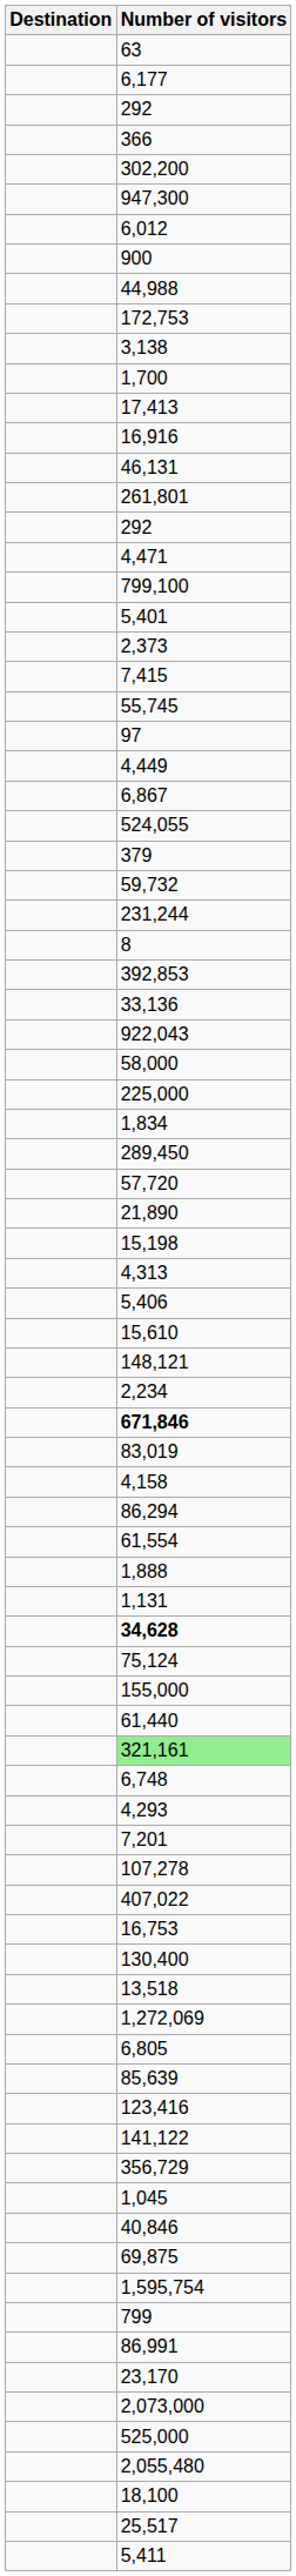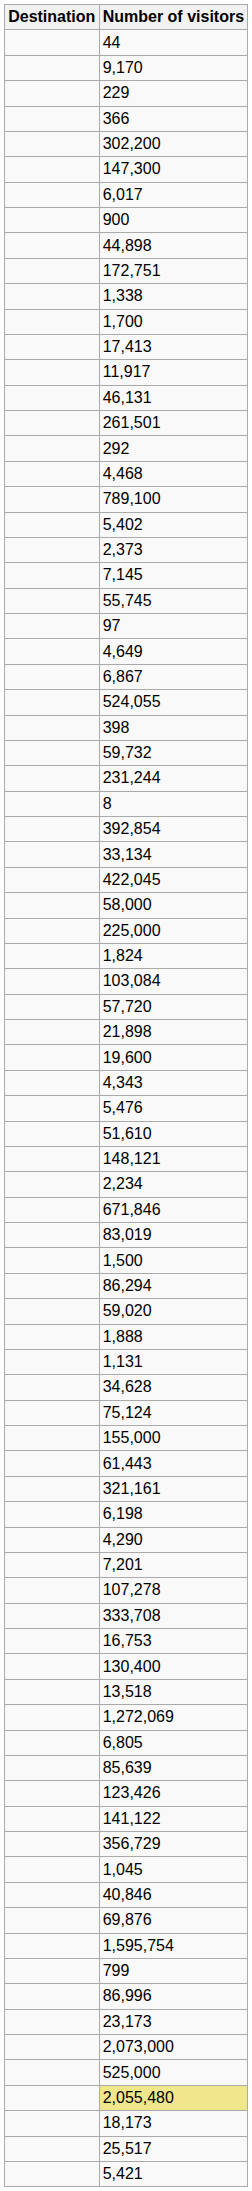 <table class="wikitable sortable collapsible">
 <tr>
 <th>Destination</th>
 <th>Number of visitors</th>
 </tr>
 <tr>
 <td></td>
-<td>63</td>
+<td>44</td>
 </tr>
 <tr>
 <td></td>
-<td>6,177</td>
+<td>9,170</td>
 </tr>
 <tr>
 <td></td>
-<td>292</td>
+<td>229</td>
 </tr>
 <tr>
 <td></td>
 <td>366</td>
 </tr>
 <tr>
 <td></td>
 <td>302,200</td>
 </tr>
 <tr>
 <td></td>
-<td>947,300</td>
+<td>147,300</td>
 </tr>
 <tr>
 <td></td>
-<td>6,012</td>
+<td>6,017</td>
 </tr>
 <tr>
 <td></td>
 <td>900</td>
 </tr>
 <tr>
 <td></td>
-<td>44,988</td>
+<td>44,898</td>
 </tr>
 <tr>
 <td></td>
-<td>172,753</td>
+<td>172,751</td>
 </tr>
 <tr>
 <td></td>
-<td>3,138</td>
+<td>1,338</td>
 </tr>
 <tr>
 <td></td>
 <td>1,700</td>
 </tr>
 <tr>
 <td></td>
 <td>17,413</td>
 </tr>
 <tr>
 <td></td>
-<td>16,916</td>
+<td>11,917</td>
 </tr>
 <tr>
 <td></td>
 <td>46,131</td>
 </tr>
 <tr>
 <td></td>
-<td>261,801</td>
+<td>261,501</td>
 </tr>
 <tr>
 <td></td>
 <td>292</td>
 </tr>
 <tr>
 <td></td>
-<td>4,471</td>
+<td>4,468</td>
 </tr>
 <tr>
 <td></td>
-<td>799,100</td>
+<td>789,100</td>
 </tr>
 <tr>
 <td></td>
-<td>5,401</td>
+<td>5,402</td>
 </tr>
 <tr>
 <td></td>
 <td>2,373</td>
 </tr>
 <tr>
 <td></td>
-<td>7,415</td>
+<td>7,145</td>
 </tr>
 <tr>
 <td></td>
 <td>55,745</td>
 </tr>
 <tr>
 <td></td>
 <td>97</td>
 </tr>
 <tr>
 <td></td>
-<td>4,449</td>
+<td>4,649</td>
 </tr>
 <tr>
 <td></td>
 <td>6,867</td>
 </tr>
 <tr>
 <td></td>
 <td>524,055</td>
 </tr>
 <tr>
 <td></td>
-<td>379</td>
+<td>398</td>
 </tr>
 <tr>
 <td></td>
 <td>59,732</td>
 </tr>
 <tr>
 <td></td>
 <td>231,244</td>
 </tr>
 <tr>
 <td></td>
 <td>8</td>
 </tr>
 <tr>
 <td></td>
-<td>392,853</td>
+<td>392,854</td>
 </tr>
 <tr>
 <td></td>
-<td>33,136</td>
+<td>33,134</td>
 </tr>
 <tr>
 <td></td>
-<td>922,043</td>
+<td>422,045</td>
 </tr>
 <tr>
 <td></td>
 <td>58,000</td>
 </tr>
 <tr>
 <td></td>
 <td>225,000</td>
 </tr>
 <tr>
 <td></td>
-<td>1,834</td>
+<td>1,824</td>
 </tr>
 <tr>
 <td></td>
-<td>289,450</td>
+<td>103,084</td>
 </tr>
 <tr>
 <td></td>
 <td>57,720</td>
 </tr>
 <tr>
 <td></td>
-<td>21,890</td>
+<td>21,898</td>
 </tr>
 <tr>
 <td></td>
-<td>15,198</td>
+<td>19,600</td>
 </tr>
 <tr>
 <td></td>
-<td>4,313</td>
+<td>4,343</td>
 </tr>
 <tr>
 <td></td>
-<td>5,406</td>
+<td>5,476</td>
 </tr>
 <tr>
 <td></td>
-<td>15,610</td>
+<td>51,610</td>
 </tr>
 <tr>
 <td></td>
 <td>148,121</td>
 </tr>
 <tr>
 <td></td>
 <td>2,234</td>
 </tr>
 <tr>
 <td></td>
-<td><strong>671,846</strong></td>
+<td>671,846</td>
 </tr>
 <tr>
 <td></td>
 <td>83,019</td>
 </tr>
 <tr>
 <td></td>
-<td>4,158</td>
+<td>1,500</td>
 </tr>
 <tr>
 <td></td>
 <td>86,294</td>
 </tr>
 <tr>
 <td></td>
-<td>61,554</td>
+<td>59,020</td>
 </tr>
 <tr>
 <td></td>
 <td>1,888</td>
 </tr>
 <tr>
 <td></td>
 <td>1,131</td>
 </tr>
 <tr>
 <td></td>
-<td><strong>34,628</strong></td>
+<td>34,628</td>
 </tr>
 <tr>
 <td></td>
 <td>75,124</td>
 </tr>
 <tr>
 <td></td>
 <td>155,000</td>
 </tr>
 <tr>
 <td></td>
-<td>61,440</td>
+<td>61,443</td>
 </tr>
 <tr>
 <td></td>
-<td style="background: lightgreen;">321,161</td>
+<td>321,161</td>
 </tr>
 <tr>
 <td></td>
-<td>6,748</td>
+<td>6,198</td>
 </tr>
 <tr>
 <td></td>
-<td>4,293</td>
+<td>4,290</td>
 </tr>
 <tr>
 <td></td>
 <td>7,201</td>
 </tr>
 <tr>
 <td></td>
 <td>107,278</td>
 </tr>
 <tr>
 <td></td>
-<td>407,022</td>
+<td>333,708</td>
 </tr>
 <tr>
 <td></td>
 <td>16,753</td>
 </tr>
 <tr>
 <td></td>
 <td>130,400</td>
 </tr>
 <tr>
 <td></td>
 <td>13,518</td>
 </tr>
 <tr>
 <td></td>
 <td>1,272,069</td>
 </tr>
 <tr>
 <td></td>
 <td>6,805</td>
 </tr>
 <tr>
 <td></td>
 <td>85,639</td>
 </tr>
 <tr>
 <td></td>
-<td>123,416</td>
+<td>123,426</td>
 </tr>
 <tr>
 <td></td>
 <td>141,122</td>
 </tr>
 <tr>
 <td></td>
 <td>356,729</td>
 </tr>
 <tr>
 <td></td>
 <td>1,045</td>
 </tr>
 <tr>
 <td></td>
 <td>40,846</td>
 </tr>
 <tr>
 <td></td>
-<td>69,875</td>
+<td>69,876</td>
 </tr>
 <tr>
 <td></td>
 <td>1,595,754</td>
 </tr>
 <tr>
 <td></td>
 <td>799</td>
 </tr>
 <tr>
 <td></td>
-<td>86,991</td>
+<td>86,996</td>
 </tr>
 <tr>
 <td></td>
-<td>23,170</td>
+<td>23,173</td>
 </tr>
 <tr>
 <td></td>
 <td>2,073,000</td>
 </tr>
 <tr>
 <td></td>
 <td>525,000</td>
 </tr>
 <tr>
 <td></td>
-<td>2,055,480</td>
+<td style="background: khaki;">2,055,480</td>
 </tr>
 <tr>
 <td></td>
-<td>18,100</td>
+<td>18,173</td>
 </tr>
 <tr>
 <td></td>
 <td>25,517</td>
 </tr>
 <tr>
 <td></td>
-<td>5,411</td>
+<td>5,421</td>
 </tr>
 </table>
